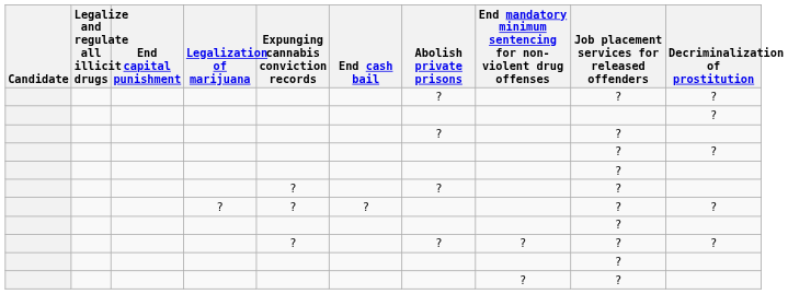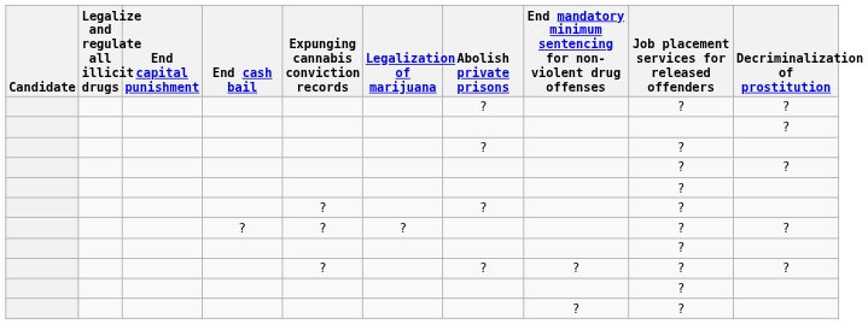 <table class="wikitable sortable" style=margin:auto;table-layout:fixed;text-align:center>
 <tr valign=bottom>
 <th>Candidate</th>
 <th style=max-width:3em>Legalize and regulate all illicit drugs</th>
 <th style=max-width:6em>End <a href='#'>capital punishment</a></th>
+<th style=max-width:6em>End <a href='#'>cash bail</a></th>
+<th style=max-width:6em>Expunging cannabis conviction records</th>
 <th style=max-width:6em><a href='#'>Legalization of marijuana</a></th>
-<th style=max-width:6em>Expunging cannabis conviction records</th>
-<th style=max-width:6em>End <a href='#'>cash bail</a></th>
 <th style=max-width:6em>Abolish <a href='#'>private prisons</a></th>
 <th style=max-width:8em>End <a href='#'>mandatory minimum sentencing</a> for non-violent drug offenses</th>
 <th style=max-width:8em>Job placement services for released offenders</th>
 <th style=max-width:8em>Decriminalization of <a href='#'>prostitution</a></th>
 </tr>
 <tr>
 <th></th>
 <td></td>
 <td></td>
 <td></td>
 <td></td>
 <td></td>
 <td>?</td>
 <td></td>
 <td>?</td>
 <td>?</td>
 </tr>
 <tr>
 <th></th>
 <td></td>
 <td></td>
 <td></td>
 <td></td>
 <td></td>
 <td></td>
 <td></td>
 <td></td>
 <td>?</td>
 </tr>
 <tr>
 <th></th>
 <td></td>
 <td></td>
 <td></td>
 <td></td>
 <td></td>
 <td>?</td>
 <td></td>
 <td>?</td>
 <td></td>
 </tr>
 <tr>
 <th></th>
 <td></td>
 <td></td>
 <td></td>
 <td></td>
 <td></td>
 <td></td>
 <td></td>
 <td>?</td>
 <td>?</td>
 </tr>
 <tr>
 <th></th>
 <td></td>
 <td></td>
 <td></td>
 <td></td>
 <td></td>
 <td></td>
 <td></td>
 <td>?</td>
 <td></td>
 </tr>
 <tr>
 <th></th>
 <td></td>
 <td></td>
 <td></td>
 <td>?</td>
 <td></td>
 <td>?</td>
 <td></td>
 <td>?</td>
 <td></td>
 </tr>
 <tr>
 <th></th>
 <td></td>
 <td></td>
 <td>?</td>
 <td>?</td>
 <td>?</td>
 <td></td>
 <td></td>
 <td>?</td>
 <td>?</td>
 </tr>
 <tr>
 <th></th>
 <td></td>
 <td></td>
 <td></td>
 <td></td>
 <td></td>
 <td></td>
 <td></td>
 <td>?</td>
 <td></td>
 </tr>
 <tr>
 <th></th>
 <td></td>
 <td></td>
 <td></td>
 <td>?</td>
 <td></td>
 <td>?</td>
 <td>?</td>
 <td>?</td>
 <td>?</td>
 </tr>
 <tr>
 <th></th>
 <td></td>
 <td></td>
 <td></td>
 <td></td>
 <td></td>
 <td></td>
 <td></td>
 <td>?</td>
 <td></td>
 </tr>
 <tr>
 <th></th>
 <td></td>
 <td></td>
 <td></td>
 <td></td>
 <td></td>
 <td></td>
 <td>?</td>
 <td>?</td>
 <td></td>
 </tr>
 </table>
